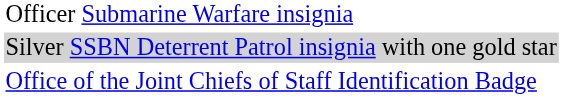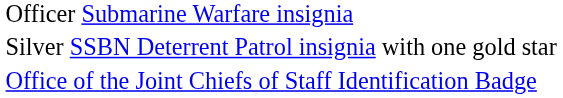 <table>
 <tr>
 <td> Officer <a href='#'>Submarine Warfare insignia</a></td>
 </tr>
 <tr>
-<td style="background: lightgrey;"><span></span> Silver <a href='#'>SSBN Deterrent Patrol insignia</a> with one gold star</td>
+<td><span></span> Silver <a href='#'>SSBN Deterrent Patrol insignia</a> with one gold star</td>
 </tr>
 <tr>
 <td> <a href='#'>Office of the Joint Chiefs of Staff Identification Badge</a></td>
 </tr>
 </table>
